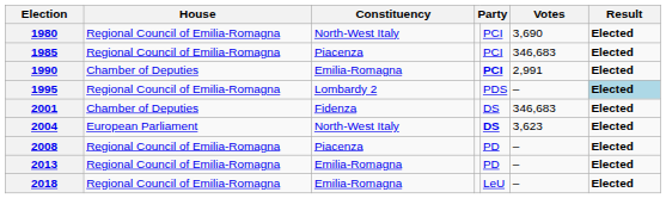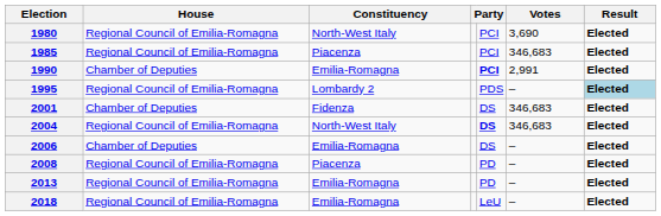 <table class=wikitable style="width:70%; border:1px #AAAAFF solid">
 <tr>
 <th width=12%>Election</th>
 <th width=35%>House</th>
 <th width=25%>Constituency</th>
 <th width=5% colspan="2">Party</th>
 <th width=12%>Votes</th>
 <th width=12%>Result</th>
 </tr>
 <tr>
 <th><a href='#'>1980</a></th>
 <td><a href='#'>Regional Council of Emilia-Romagna</a></td>
 <td><a href='#'>North-West Italy</a></td>
 <td></td>
 <td><a href='#'>PCI</a></td>
 <td>3,690</td>
 <td> <strong>Elected</strong></td>
 </tr>
 <tr>
 <th><a href='#'>1985</a></th>
 <td><a href='#'>Regional Council of Emilia-Romagna</a></td>
 <td><a href='#'>Piacenza</a></td>
 <td></td>
 <td><a href='#'>PCI</a></td>
 <td>346,683</td>
 <td> <strong>Elected</strong></td>
 </tr>
 <tr>
 <th><a href='#'>1990</a></th>
 <td><a href='#'>Chamber of Deputies</a></td>
 <td><a href='#'>Emilia-Romagna</a></td>
 <td></td>
 <td><strong><a href='#'>PCI</a></strong></td>
 <td>2,991</td>
 <td> <strong>Elected</strong></td>
 </tr>
 <tr>
 <th><a href='#'>1995</a></th>
 <td><a href='#'>Regional Council of Emilia-Romagna</a></td>
 <td><a href='#'>Lombardy 2</a></td>
 <td></td>
 <td><a href='#'>PDS</a></td>
 <td>–</td>
 <td style="background: lightblue;"> <strong>Elected</strong></td>
 </tr>
 <tr>
 <th><a href='#'>2001</a></th>
 <td><a href='#'>Chamber of Deputies</a></td>
 <td><a href='#'>Fidenza</a></td>
 <td></td>
 <td><a href='#'>DS</a></td>
 <td>346,683</td>
 <td> <strong>Elected</strong></td>
 </tr>
 <tr>
 <th><a href='#'>2004</a></th>
-<td><a href='#'>European Parliament</a></td>
+<td><a href='#'>Regional Council of Emilia-Romagna</a></td>
 <td><a href='#'>North-West Italy</a></td>
 <td></td>
 <td><strong><a href='#'>DS</a></strong></td>
-<td>3,623</td>
+<td>346,683</td>
+<td> <strong>Elected</strong></td>
+</tr>
+<tr>
+<th><a href='#'>2006</a></th>
+<td><a href='#'>Chamber of Deputies</a></td>
+<td><a href='#'>Emilia-Romagna</a></td>
+<td></td>
+<td><a href='#'>DS</a></td>
+<td>–</td>
 <td> <strong>Elected</strong></td>
 </tr>
 <tr>
 <th><a href='#'>2008</a></th>
 <td><a href='#'>Regional Council of Emilia-Romagna</a></td>
 <td><a href='#'>Piacenza</a></td>
 <td></td>
 <td><a href='#'>PD</a></td>
 <td>–</td>
 <td> <strong>Elected</strong></td>
 </tr>
 <tr>
 <th><a href='#'>2013</a></th>
 <td><a href='#'>Regional Council of Emilia-Romagna</a></td>
 <td><a href='#'>Emilia-Romagna</a></td>
 <td></td>
 <td><a href='#'>PD</a></td>
 <td>–</td>
 <td> <strong>Elected</strong></td>
 </tr>
 <tr>
 <th><a href='#'>2018</a></th>
 <td><a href='#'>Regional Council of Emilia-Romagna</a></td>
 <td><a href='#'>Emilia-Romagna</a></td>
 <td></td>
 <td><a href='#'>LeU</a></td>
 <td>–</td>
 <td> <strong>Elected</strong></td>
 </tr>
 </table>
